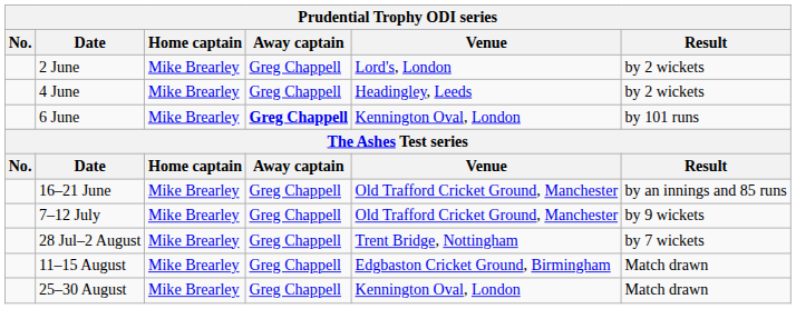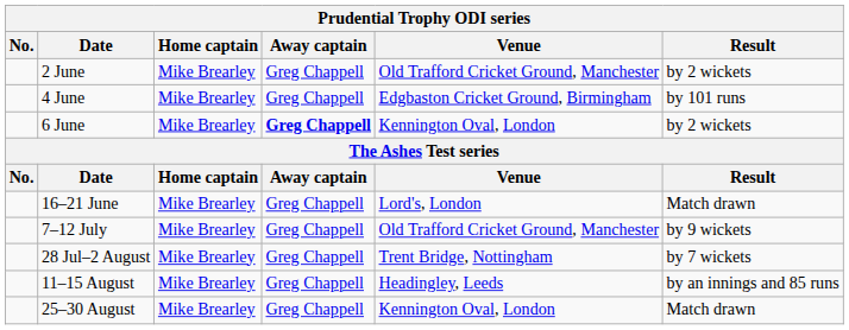 <table class="wikitable">
 <tr>
 <th colspan="9">Prudential Trophy ODI series</th>
 </tr>
 <tr>
 <th>No.</th>
 <th>Date</th>
 <th>Home captain</th>
 <th>Away captain</th>
 <th>Venue</th>
 <th>Result</th>
 </tr>
 <tr>
 <td></td>
 <td>2 June</td>
 <td><a href='#'>Mike Brearley</a></td>
 <td><a href='#'>Greg Chappell</a></td>
-<td><a href='#'>Lord's</a>, <a href='#'>London</a></td>
+<td><a href='#'>Old Trafford Cricket Ground</a>, <a href='#'>Manchester</a></td>
 <td> by 2 wickets</td>
 </tr>
 <tr>
 <td></td>
 <td>4 June</td>
 <td><a href='#'>Mike Brearley</a></td>
 <td><a href='#'>Greg Chappell</a></td>
-<td><a href='#'>Headingley</a>, <a href='#'>Leeds</a></td>
-<td> by 2 wickets</td>
+<td><a href='#'>Edgbaston Cricket Ground</a>, <a href='#'>Birmingham</a></td>
+<td> by 101 runs</td>
 </tr>
 <tr>
 <td></td>
 <td>6 June</td>
 <td><a href='#'>Mike Brearley</a></td>
 <td><strong><a href='#'>Greg Chappell</a></strong></td>
 <td><a href='#'>Kennington Oval</a>, <a href='#'>London</a></td>
-<td> by 101 runs</td>
+<td> by 2 wickets</td>
 </tr>
 <tr>
 <th colspan="9"><a href='#'>The Ashes</a> Test series</th>
 </tr>
 <tr>
 <th>No.</th>
 <th>Date</th>
 <th>Home captain</th>
 <th>Away captain</th>
 <th>Venue</th>
 <th>Result</th>
 </tr>
 <tr>
 <td></td>
 <td>16–21 June</td>
 <td><a href='#'>Mike Brearley</a></td>
 <td><a href='#'>Greg Chappell</a></td>
-<td><a href='#'>Old Trafford Cricket Ground</a>, <a href='#'>Manchester</a></td>
-<td> by an innings and 85 runs</td>
+<td><a href='#'>Lord's</a>, <a href='#'>London</a></td>
+<td>Match drawn</td>
 </tr>
 <tr>
 <td></td>
 <td>7–12 July</td>
 <td><a href='#'>Mike Brearley</a></td>
 <td><a href='#'>Greg Chappell</a></td>
 <td><a href='#'>Old Trafford Cricket Ground</a>, <a href='#'>Manchester</a></td>
 <td> by 9 wickets</td>
 </tr>
 <tr>
 <td></td>
 <td>28 Jul–2 August</td>
 <td><a href='#'>Mike Brearley</a></td>
 <td><a href='#'>Greg Chappell</a></td>
 <td><a href='#'>Trent Bridge</a>, <a href='#'>Nottingham</a></td>
 <td> by 7 wickets</td>
 </tr>
 <tr>
 <td></td>
 <td>11–15 August</td>
 <td><a href='#'>Mike Brearley</a></td>
 <td><a href='#'>Greg Chappell</a></td>
-<td><a href='#'>Edgbaston Cricket Ground</a>, <a href='#'>Birmingham</a></td>
-<td>Match drawn</td>
+<td><a href='#'>Headingley</a>, <a href='#'>Leeds</a></td>
+<td> by an innings and 85 runs</td>
 </tr>
 <tr>
 <td></td>
 <td>25–30 August</td>
 <td><a href='#'>Mike Brearley</a></td>
 <td><a href='#'>Greg Chappell</a></td>
 <td><a href='#'>Kennington Oval</a>, <a href='#'>London</a></td>
 <td>Match drawn</td>
 </tr>
 </table>
